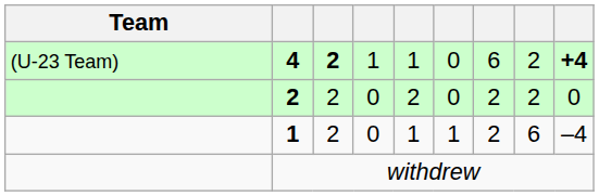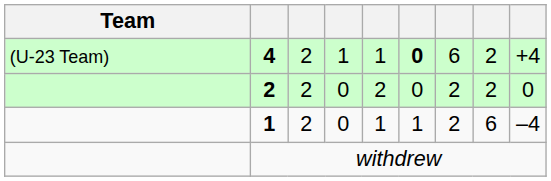 <table class="wikitable" style="text-align:center">
 <tr>
 <th width="175">Team</th>
 <th width="20"></th>
 <th width="20"></th>
 <th width="20"></th>
 <th width="20"></th>
 <th width="20"></th>
 <th width="20"></th>
 <th width="20"></th>
 <th width="20"></th>
 </tr>
 <tr bgcolor=#CCFFCC>
 <td align=left> <small> (U-23 Team) </small></td>
 <td><strong>4</strong></td>
-<td><strong>2</strong></td>
+<td>2</td>
 <td>1</td>
 <td>1</td>
-<td>0</td>
+<td><strong>0</strong></td>
 <td>6</td>
 <td>2</td>
-<td><strong>+4</strong></td>
+<td>+4</td>
 </tr>
 <tr bgcolor=#CCFFCC>
 <td align=left></td>
 <td><strong>2</strong></td>
 <td>2</td>
 <td>0</td>
 <td>2</td>
 <td>0</td>
 <td>2</td>
 <td>2</td>
 <td>0</td>
 </tr>
 <tr>
 <td align=left></td>
 <td><strong>1</strong></td>
 <td>2</td>
 <td>0</td>
 <td>1</td>
 <td>1</td>
 <td>2</td>
 <td>6</td>
 <td>–4</td>
 </tr>
 <tr>
 <td align=left></td>
 <td colspan="8"><em>withdrew</em></td>
 </tr>
 </table>
